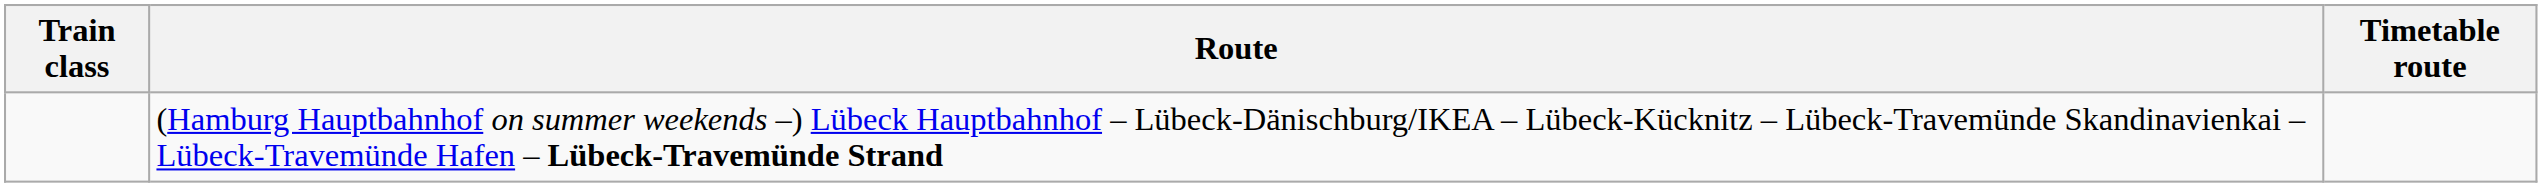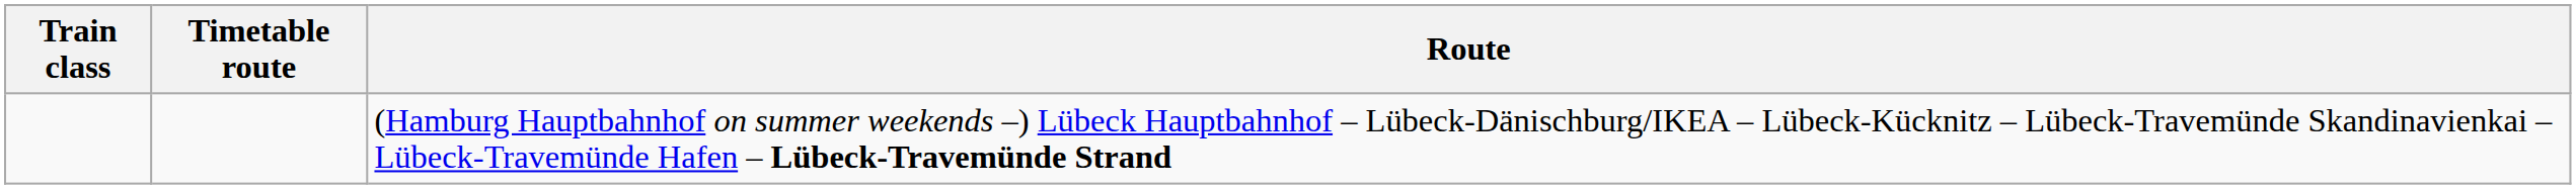 <table class="wikitable">
 <tr>
 <th>Train class</th>
+<th>Timetable route</th>
 <th>Route</th>
-<th>Timetable route</th>
 </tr>
 <tr>
 <td> </td>
+<td></td>
 <td>(<a href='#'>Hamburg Hauptbahnhof</a> <em>on summer weekends</em> –) <a href='#'>Lübeck Hauptbahnhof</a> – Lübeck-Dänischburg/IKEA – Lübeck-Kücknitz – Lübeck-Travemünde Skandinavienkai –<a href='#'>Lübeck-Travemünde Hafen</a> – <strong>Lübeck-Travemünde Strand</strong></td>
-<td></td>
 </tr>
 </table>
